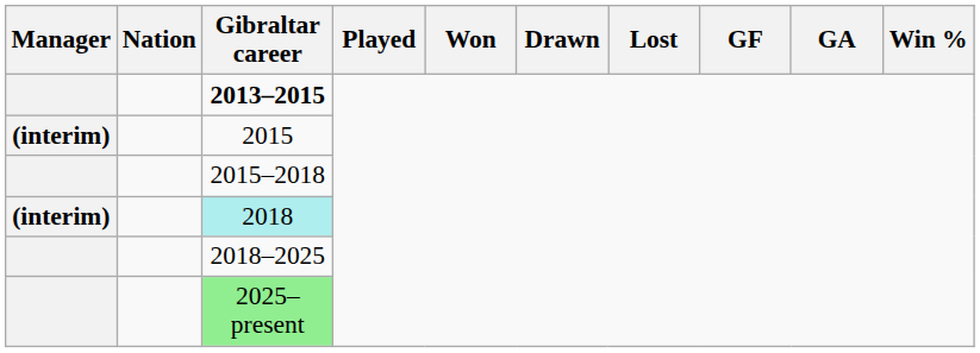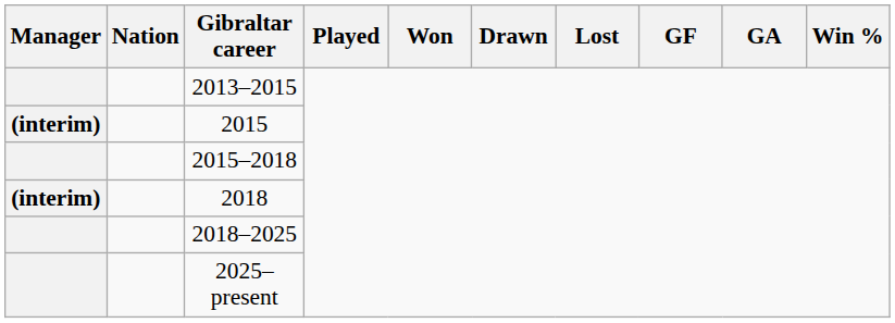 <table class="wikitable sortable plainrowheaders" style="text-align:center;">
 <tr>
 <th scope="col">Manager</th>
 <th scope="col">Nation</th>
 <th scope="col">Gibraltar career</th>
 <th scope="col" width=50px>Played</th>
 <th scope="col" width=50px>Won</th>
 <th scope="col" width=50px>Drawn</th>
 <th scope="col" width=50px>Lost</th>
 <th scope="col" width=50px>GF</th>
 <th scope="col" width=50px>GA</th>
 <th scope="col" width=50px>Win %</th>
 </tr>
 <tr>
 <th scope=row></th>
 <td></td>
-<td><strong>2013–2015<br></strong></td>
+<td>2013–2015<br></td>
 </tr>
 <tr>
 <th scope=row> (interim)</th>
 <td></td>
 <td>2015<br></td>
 </tr>
 <tr>
 <th scope=row></th>
 <td></td>
 <td>2015–2018<br></td>
 </tr>
 <tr>
 <th scope=row> (interim)</th>
 <td></td>
-<td style="background: paleturquoise;">2018<br></td>
+<td>2018<br></td>
 </tr>
 <tr>
 <th scope=row></th>
 <td></td>
 <td>2018–2025<br></td>
 </tr>
 <tr>
 <th scope=row></th>
 <td></td>
-<td style="background: lightgreen;">2025–present<br></td>
+<td>2025–present<br></td>
 </tr>
 </table>
